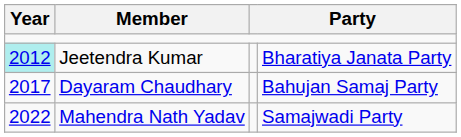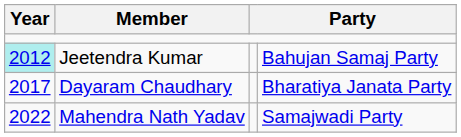 <table class="wikitable">
 <tr>
 <th>Year</th>
 <th>Member</th>
 <th colspan="2">Party</th>
 </tr>
 <tr>
 <td colspan="4"></td>
 </tr>
 <tr>
 <td style="background: paleturquoise;"><a href='#'>2012</a></td>
 <td>Jeetendra Kumar</td>
 <td style="background-color: "></td>
-<td><a href='#'>Bharatiya Janata Party</a></td>
+<td><a href='#'>Bahujan Samaj Party</a></td>
 </tr>
 <tr>
 <td><a href='#'>2017</a></td>
 <td><a href='#'>Dayaram Chaudhary</a></td>
 <td style="background-color: "></td>
-<td><a href='#'>Bahujan Samaj Party</a></td>
+<td><a href='#'>Bharatiya Janata Party</a></td>
 </tr>
 <tr>
 <td><a href='#'>2022</a></td>
 <td><a href='#'>Mahendra Nath Yadav</a></td>
 <td style="background-color: "></td>
 <td><a href='#'>Samajwadi Party</a></td>
 </tr>
 </table>
